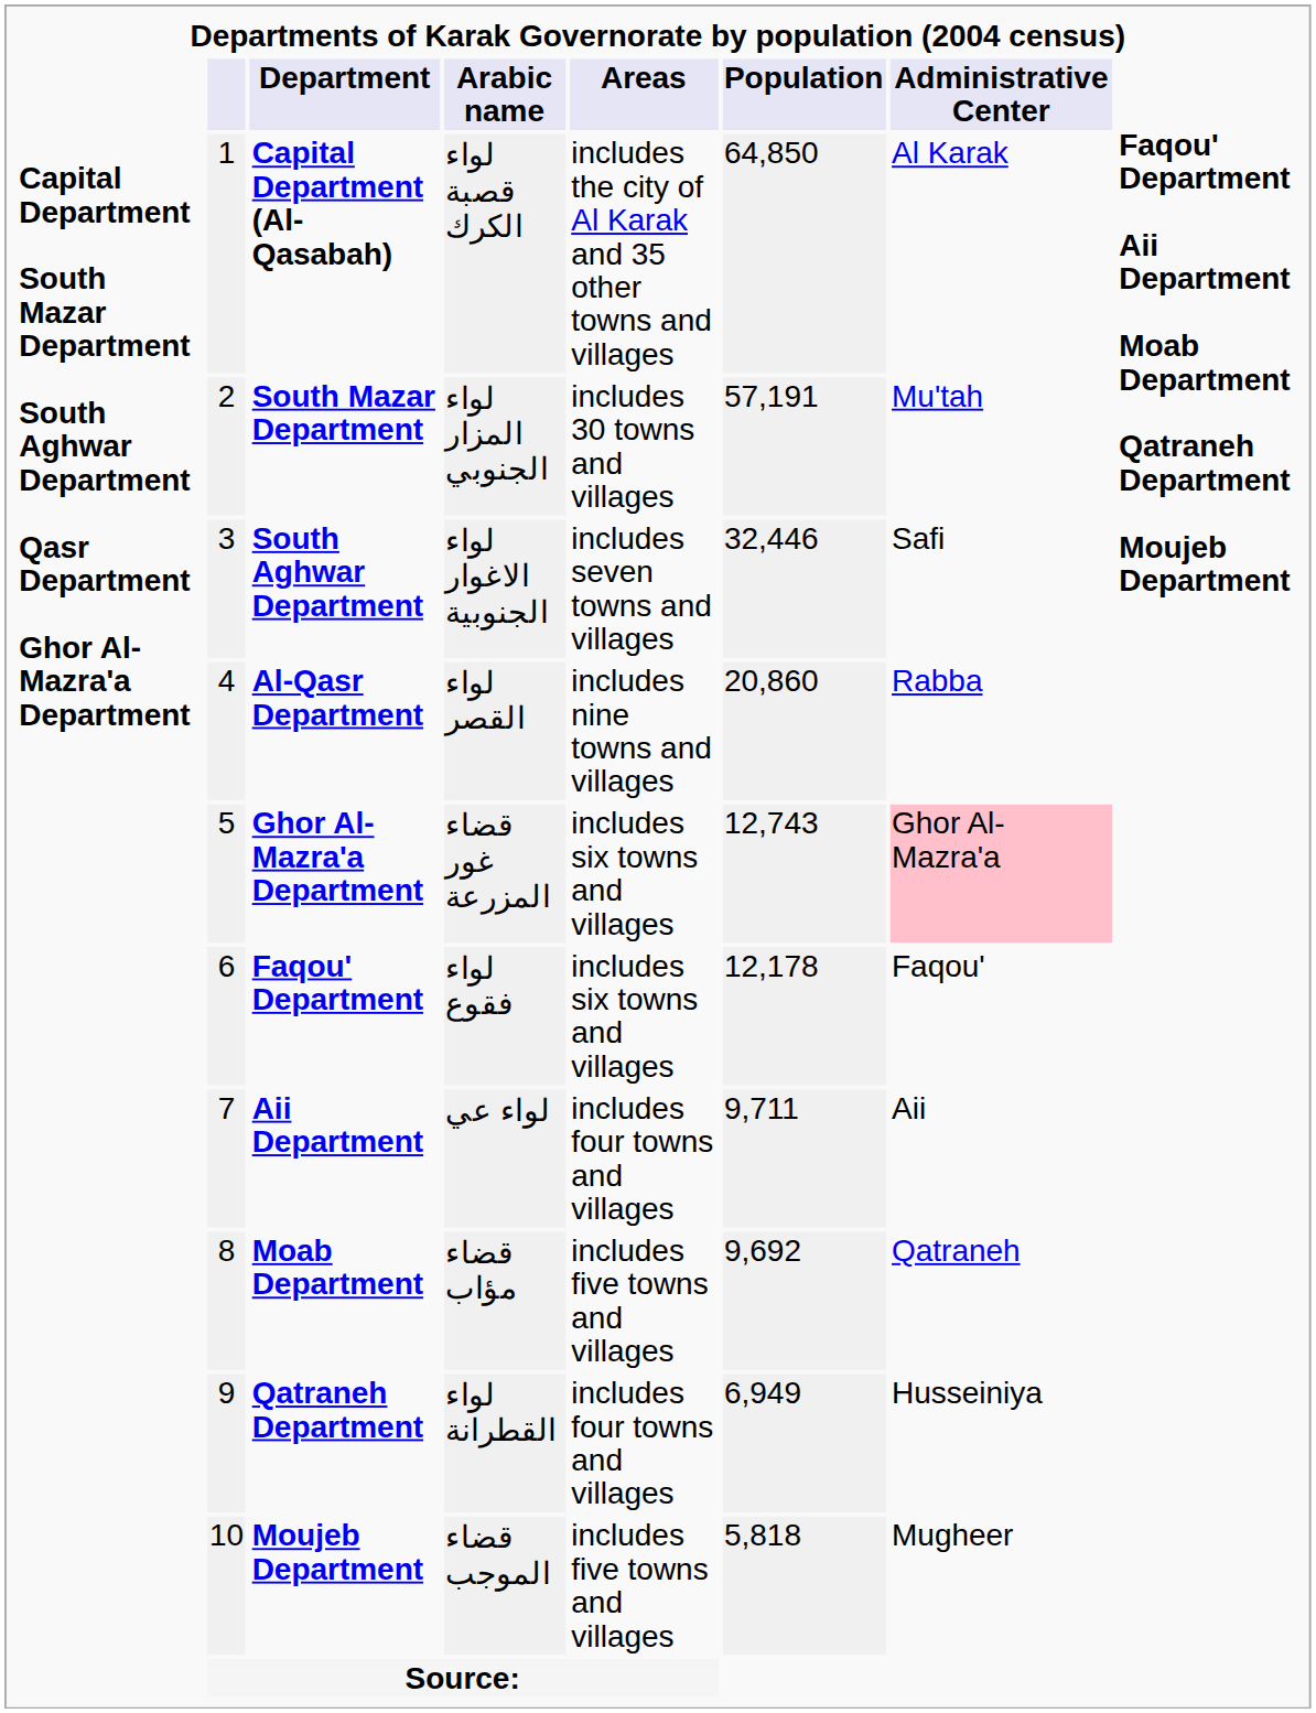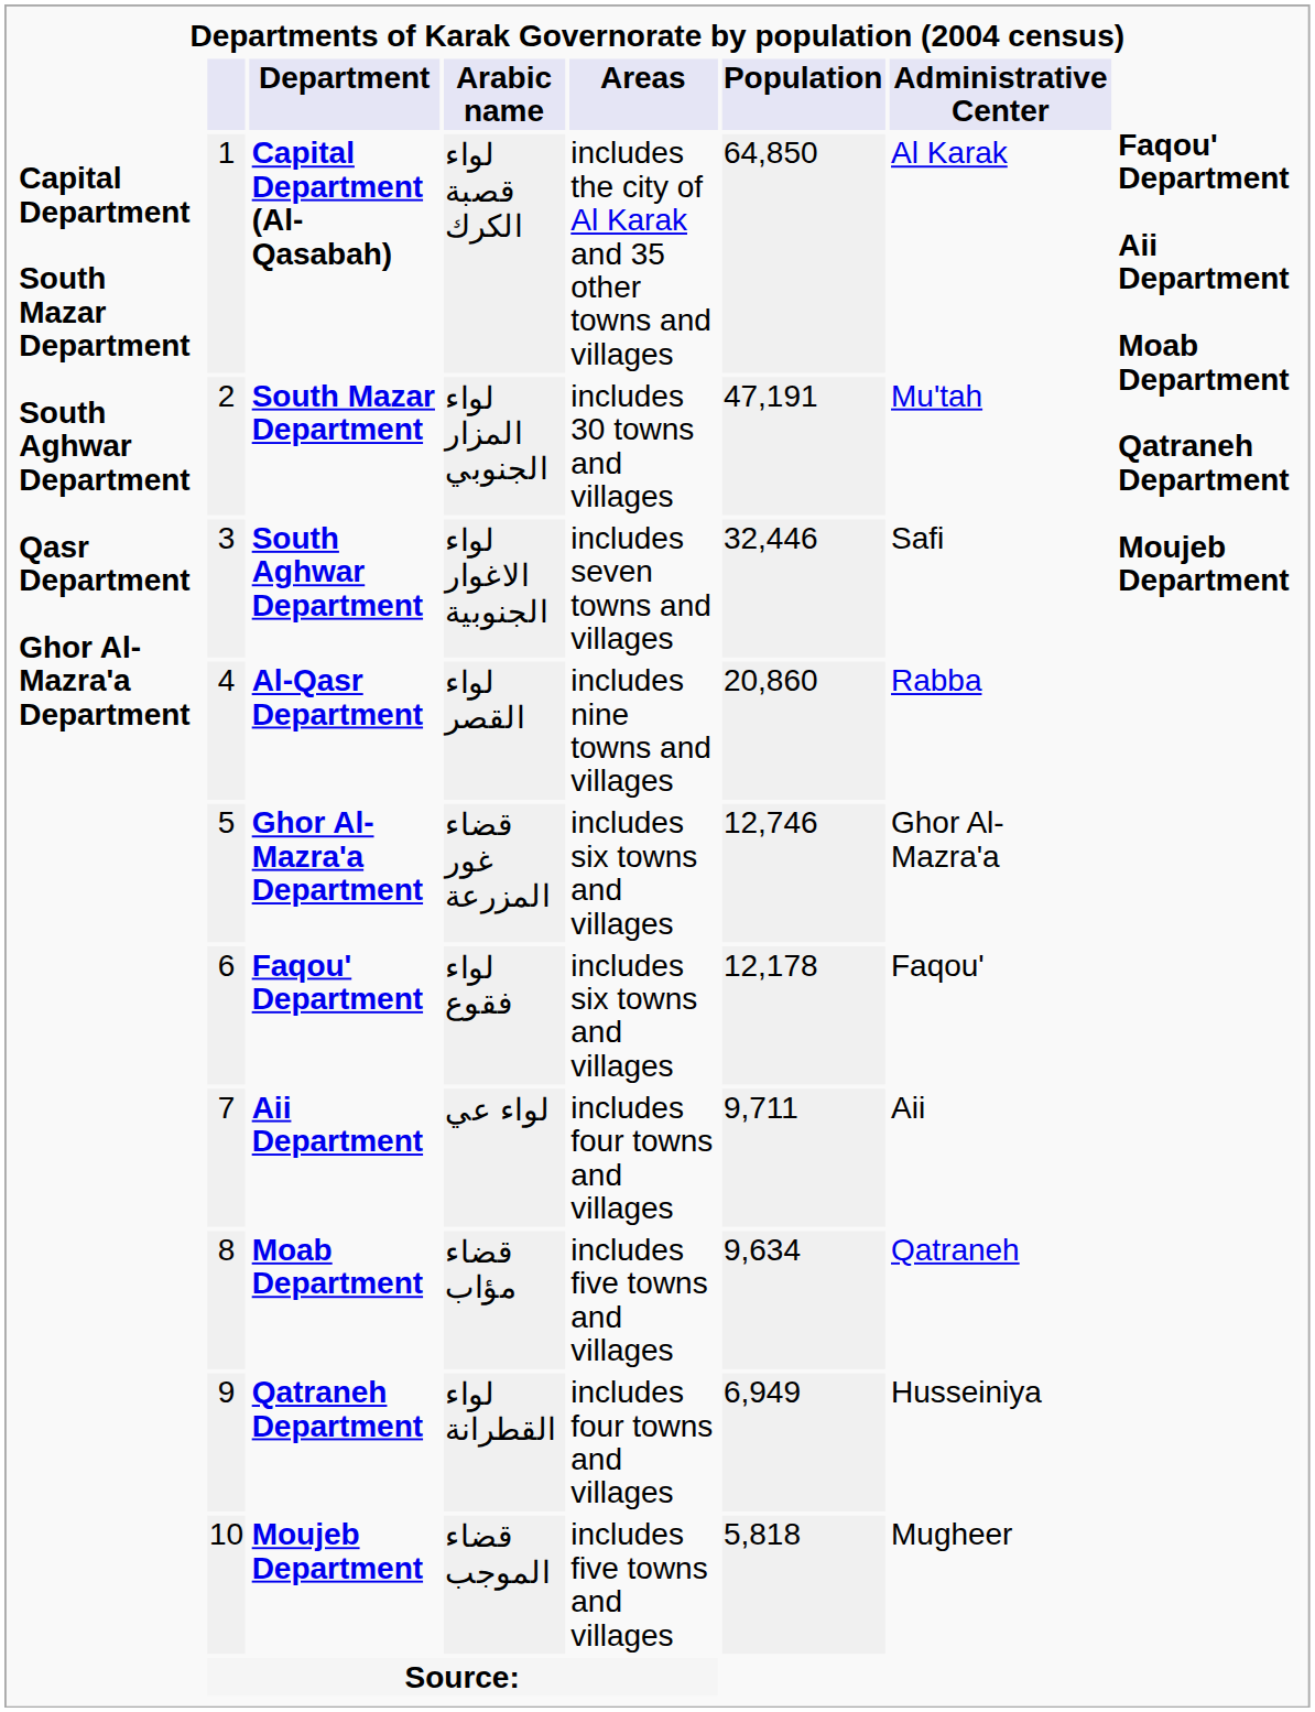 <table class="infobox" style="text-align:left; width:100%; font-size:92%">
 <tr>
 <th align=center colspan=11>Departments of Karak Governorate by population (2004 census)</th>
 </tr>
 <tr>
 <th rowspan=27 width:100><br><br><br> Capital Department <br> <br>South Mazar Department<br> <br>South Aghwar Department<br> <br>Qasr Department<br> <br>Ghor Al-Mazra'a Department<br></th>
 <th align=center style="background:#e5e5f5;"></th>
 <th align=center style="background:#e5e5f5;">Department</th>
 <th align=center style="background:#e5e5f5;">Arabic name</th>
 <th align=center style="background:#e5e5f5;">Areas</th>
 <th align=center style="background:#e5e5f5;">Population </th>
 <th align=center style="background:#e5e5f5;">Administrative Center</th>
 <th rowspan=23 width:150><br><br>Faqou' Department<br> <br>Aii Department<br> <br>Moab Department<br> <br>Qatraneh Department<br> <br>Moujeb Department<br></th>
 </tr>
 <tr>
 <td align=center style="background:#f0f0f0;">1</td>
 <td align=left><strong><a href='#'>Capital Department</a> (Al-Qasabah)</strong></td>
 <td style="background:#f0f0f0;">لواء قصبة الكرك</td>
 <td align=left>includes the city of <a href='#'>Al Karak</a> and 35 other towns and villages</td>
 <td style="background:#f0f0f0;">64,850</td>
 <td><a href='#'>Al Karak</a></td>
 </tr>
 <tr>
 <td align=center style="background:#f0f0f0;">2</td>
 <td align=left><strong><a href='#'>South Mazar Department</a></strong></td>
 <td style="background:#f0f0f0;">لواء المزار الجنوبي</td>
 <td align=left>includes 30 towns and villages</td>
-<td style="background:#f0f0f0;">57,191</td>
+<td style="background:#f0f0f0;">47,191</td>
 <td align=left><a href='#'>Mu'tah</a></td>
 </tr>
 <tr>
 <td align=center style="background:#f0f0f0;">3</td>
 <td align=left><strong><a href='#'>South Aghwar Department</a></strong></td>
 <td style="background:#f0f0f0;">لواء الاغوار الجنوبية</td>
 <td align=left>includes seven towns and villages</td>
 <td style="background:#f0f0f0;">32,446</td>
 <td align=left>Safi</td>
 </tr>
 <tr>
 <td align=center style="background:#f0f0f0;">4</td>
 <td align=left><strong><a href='#'>Al-Qasr Department</a></strong></td>
 <td style="background:#f0f0f0;">لواء القصر</td>
 <td align=left>includes nine towns and villages</td>
 <td style="background:#f0f0f0;">20,860</td>
 <td align=left><a href='#'>Rabba</a></td>
 </tr>
 <tr>
 <td align=center style="background:#f0f0f0;">5</td>
 <td align=left><strong><a href='#'>Ghor Al-Mazra'a Department</a></strong></td>
 <td style="background:#f0f0f0;">قضاء غور المزرعة</td>
 <td align=left>includes six towns and villages</td>
-<td style="background:#f0f0f0;">12,743</td>
-<td align=left style="background: pink;">Ghor Al-Mazra'a</td>
+<td style="background:#f0f0f0;">12,746</td>
+<td align=left>Ghor Al-Mazra'a</td>
 </tr>
 <tr>
 <td align=center style="background:#f0f0f0;">6</td>
 <td align=left><strong><a href='#'>Faqou' Department</a></strong></td>
 <td style="background:#f0f0f0;">لواء فقوع</td>
 <td align=left>includes six towns and villages</td>
 <td style="background:#f0f0f0;">12,178</td>
 <td align=left>Faqou'</td>
 </tr>
 <tr>
 <td align=center style="background:#f0f0f0;">7</td>
 <td align=left><strong><a href='#'>Aii Department</a></strong></td>
 <td style="background:#f0f0f0;">لواء عي</td>
 <td align=left>includes four towns and villages</td>
 <td style="background:#f0f0f0;">9,711</td>
 <td align=left>Aii</td>
 </tr>
 <tr>
 <td align=center style="background:#f0f0f0;">8</td>
 <td align=left><strong><a href='#'>Moab Department</a></strong></td>
 <td style="background:#f0f0f0;">قضاء مؤاب</td>
 <td align=left>includes five towns and villages</td>
-<td style="background:#f0f0f0;">9,692</td>
+<td style="background:#f0f0f0;">9,634</td>
 <td align=left><a href='#'>Qatraneh</a></td>
 </tr>
 <tr>
 <td align=center style="background:#f0f0f0;">9</td>
 <td align=left><strong><a href='#'>Qatraneh Department</a></strong></td>
 <td style="background:#f0f0f0;">لواء القطرانة</td>
 <td align=left>includes four towns and villages</td>
 <td style="background:#f0f0f0;">6,949</td>
 <td align=left>Husseiniya</td>
 </tr>
 <tr>
 <td align=center style="background:#f0f0f0;">10</td>
 <td align=left><strong><a href='#'>Moujeb Department</a></strong></td>
 <td style="background:#f0f0f0;">قضاء الموجب</td>
 <td align=left>includes five towns and villages</td>
 <td style="background:#f0f0f0;">5,818</td>
 <td align=left>Mugheer</td>
 </tr>
 <tr>
 <td colspan="4" align=center style="background:#f5f5f5;"><strong>Source:</strong> </td>
 </tr>
 </table>
